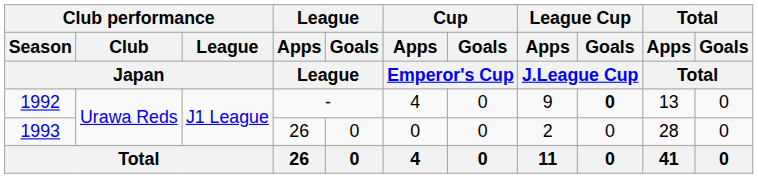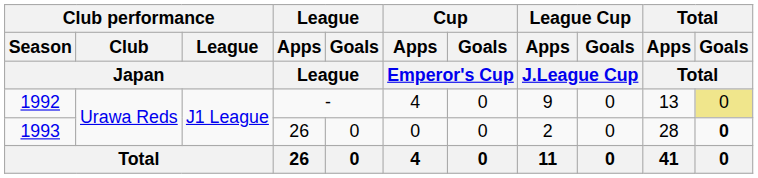 <table class="wikitable" style="text-align:center;">
 <tr>
 <th colspan=3>Club performance</th>
 <th colspan=2>League</th>
 <th colspan=2>Cup</th>
 <th colspan=2>League Cup</th>
 <th colspan=2>Total</th>
 </tr>
 <tr>
 <th>Season</th>
 <th>Club</th>
 <th>League</th>
 <th>Apps</th>
 <th>Goals</th>
 <th>Apps</th>
 <th>Goals</th>
 <th>Apps</th>
 <th>Goals</th>
 <th>Apps</th>
 <th>Goals</th>
 </tr>
 <tr>
 <th colspan=3>Japan</th>
 <th colspan=2>League</th>
 <th colspan=2><a href='#'>Emperor's Cup</a></th>
 <th colspan=2><a href='#'>J.League Cup</a></th>
 <th colspan=2>Total</th>
 </tr>
 <tr>
 <td><a href='#'>1992</a></td>
 <td rowspan="2"><a href='#'>Urawa Reds</a></td>
 <td rowspan="2"><a href='#'>J1 League</a></td>
 <td colspan="2">-</td>
 <td>4</td>
 <td>0</td>
 <td>9</td>
-<td><strong>0</strong></td>
+<td>0</td>
 <td>13</td>
-<td>0</td>
+<td style="background: khaki;">0</td>
 </tr>
 <tr>
 <td><a href='#'>1993</a></td>
 <td>26</td>
 <td>0</td>
 <td>0</td>
 <td>0</td>
 <td>2</td>
 <td>0</td>
 <td>28</td>
-<td>0</td>
+<td><strong>0</strong></td>
 </tr>
 <tr>
 <th colspan=3>Total</th>
 <th>26</th>
 <th>0</th>
 <th>4</th>
 <th>0</th>
 <th>11</th>
 <th>0</th>
 <th>41</th>
 <th>0</th>
 </tr>
 </table>
